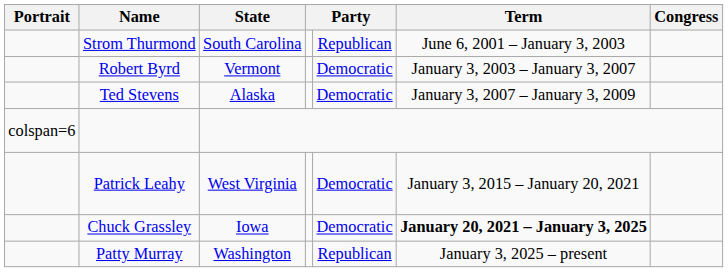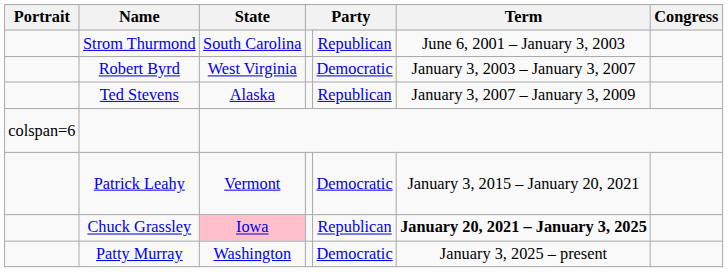 <table class=wikitable style="text-align:center">
 <tr>
 <th>Portrait</th>
 <th>Name</th>
 <th>State</th>
 <th colspan=2>Party</th>
 <th>Term</th>
 <th>Congress</th>
 </tr>
 <tr>
 <td></td>
 <td><a href='#'>Strom Thurmond</a></td>
 <td><a href='#'>South Carolina</a></td>
 <td style="background-color:"></td>
 <td><a href='#'>Republican</a></td>
 <td>June 6, 2001 – January 3, 2003</td>
 <td></td>
 </tr>
 <tr>
 <td></td>
 <td><a href='#'>Robert Byrd</a></td>
-<td><a href='#'>Vermont</a></td>
+<td><a href='#'>West Virginia</a></td>
 <td style="background-color:"></td>
 <td><a href='#'>Democratic</a></td>
 <td>January 3, 2003 – January 3, 2007</td>
 <td><br></td>
 </tr>
 <tr>
 <td></td>
 <td><a href='#'>Ted Stevens</a></td>
 <td><a href='#'>Alaska</a></td>
 <td style="background-color:"></td>
-<td><a href='#'>Democratic</a></td>
+<td><a href='#'>Republican</a></td>
 <td>January 3, 2007 – January 3, 2009</td>
 <td></td>
 </tr>
 <tr>
 <td>colspan=6 </td>
 <td><br><br></td>
 </tr>
 <tr>
 <td></td>
 <td><a href='#'>Patrick Leahy</a></td>
-<td><a href='#'>West Virginia</a></td>
+<td><a href='#'>Vermont</a></td>
 <td style="background-color:"></td>
 <td><a href='#'>Democratic</a></td>
 <td>January 3, 2015 – January 20, 2021</td>
 <td><br><br><br></td>
 </tr>
 <tr>
 <td></td>
 <td><a href='#'>Chuck Grassley</a></td>
-<td><a href='#'>Iowa</a></td>
+<td style="background: pink;"><a href='#'>Iowa</a></td>
 <td style="background-color:"></td>
-<td><a href='#'>Democratic</a></td>
+<td><a href='#'>Republican</a></td>
 <td><strong>January 20, 2021 – January 3, 2025</strong></td>
 <td><br> </td>
 </tr>
 <tr>
 <td></td>
 <td><a href='#'>Patty Murray</a></td>
 <td><a href='#'>Washington</a></td>
 <td style="background-color:"></td>
-<td><a href='#'>Republican</a></td>
+<td><a href='#'>Democratic</a></td>
 <td>January 3, 2025 – present</td>
 <td></td>
 </tr>
 </table>
